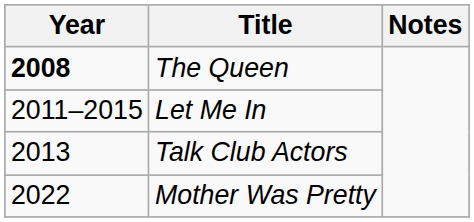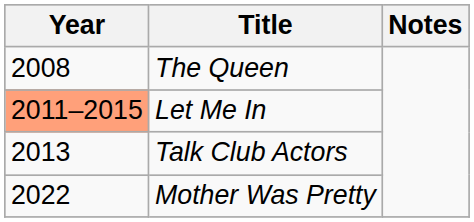 <table class="wikitable">
 <tr>
 <th>Year</th>
 <th>Title</th>
 <th>Notes</th>
 </tr>
 <tr>
-<td><strong>2008</strong></td>
+<td>2008</td>
 <td><em>The Queen</em></td>
 <td rowspan="4"></td>
 </tr>
 <tr>
-<td>2011–2015</td>
+<td style="background: lightsalmon;">2011–2015</td>
 <td><em>Let Me In</em></td>
 </tr>
 <tr>
 <td>2013</td>
 <td><em>Talk Club Actors</em></td>
 </tr>
 <tr>
 <td>2022</td>
 <td><em>Mother Was Pretty</em></td>
 </tr>
 </table>
